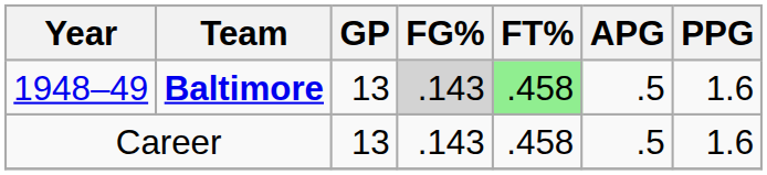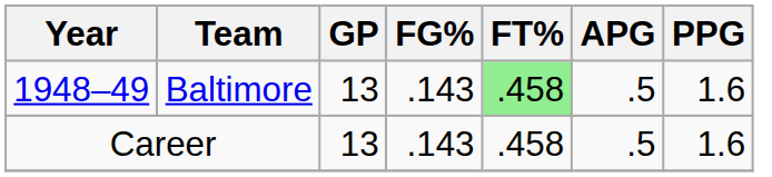 <table class="wikitable sortable" style="font-size:95%; text-align:right;">
 <tr>
 <th>Year</th>
 <th>Team</th>
 <th>GP</th>
 <th>FG%</th>
 <th>FT%</th>
 <th>APG</th>
 <th>PPG</th>
 </tr>
 <tr>
 <td style="text-align:left;"><a href='#'>1948–49</a></td>
-<td style="text-align:left;"><strong><a href='#'>Baltimore</a></strong></td>
+<td style="text-align:left;"><a href='#'>Baltimore</a></td>
 <td>13</td>
-<td style="background: lightgrey;">.143</td>
+<td>.143</td>
 <td style="background: lightgreen;">.458</td>
 <td>.5</td>
 <td>1.6</td>
 </tr>
 <tr>
 <td style="text-align:center;" colspan="2">Career</td>
 <td>13</td>
 <td>.143</td>
 <td>.458</td>
 <td>.5</td>
 <td>1.6</td>
 </tr>
 <tr>
 </tr>
 </table>
